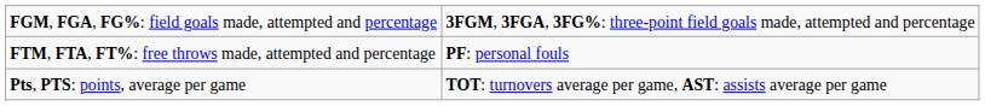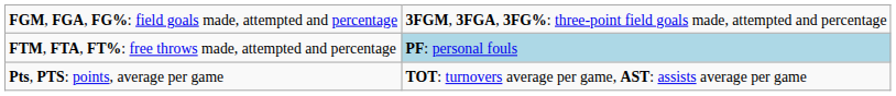 <table table align=center class="wikitable">
 <tr>
 <td><small><strong>FGM</strong>, <strong>FGA</strong>, <strong>FG%</strong>: <a href='#'>field goals</a> made, attempted and <a href='#'>percentage</a></small></td>
 <td><small><strong>3FGM</strong>, <strong>3FGA</strong>, <strong>3FG%</strong>: <a href='#'>three-point field goals</a> made, attempted and percentage</small></td>
 </tr>
 <tr>
 <td><small><strong>FTM</strong>, <strong>FTA</strong>, <strong>FT%</strong>: <a href='#'>free throws</a> made, attempted and percentage</small></td>
-<td><small><strong>PF</strong>: <a href='#'>personal fouls</a></small></td>
+<td style="background: lightblue;"><small><strong>PF</strong>: <a href='#'>personal fouls</a></small></td>
 </tr>
 <tr>
 <td><small><strong>Pts</strong>, <strong>PTS</strong>: <a href='#'>points</a>, average per game</small></td>
 <td><small><strong>TOT</strong>: <a href='#'>turnovers</a> average per game, <strong>AST</strong>: <a href='#'>assists</a> average per game</small></td>
 </tr>
 </table>
